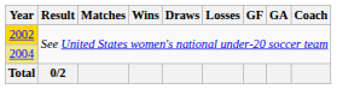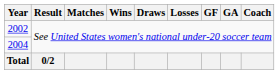 <table class="wikitable" style="text-align: center;">
 <tr>
 <th>Year</th>
 <th>Result</th>
 <th>Matches</th>
 <th>Wins</th>
 <th>Draws</th>
 <th>Losses</th>
 <th>GF</th>
 <th>GA</th>
 <th>Coach</th>
 </tr>
 <tr>
-<td style="background: gold;"> <a href='#'>2002</a></td>
+<td> <a href='#'>2002</a></td>
 <td colspan=8 rowspan="2"><em>See <a href='#'>United States women's national under-20 soccer team</a></em></td>
 </tr>
 <tr>
-<td style="background: khaki;"> <a href='#'>2004</a></td>
+<td> <a href='#'>2004</a></td>
 </tr>
 <tr>
 <th>Total</th>
 <th>0/2</th>
 <th></th>
 <th></th>
 <th></th>
 <th></th>
 <th></th>
 <th></th>
 <th></th>
 </tr>
 </table>
